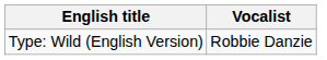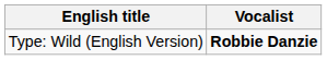 <table class="wikitable">
 <tr>
 <th>English title</th>
 <th>Vocalist</th>
 </tr>
 <tr>
 <td>Type: Wild (English Version)</td>
-<td>Robbie Danzie</td>
+<td><strong>Robbie Danzie</strong></td>
 </tr>
 </table>
